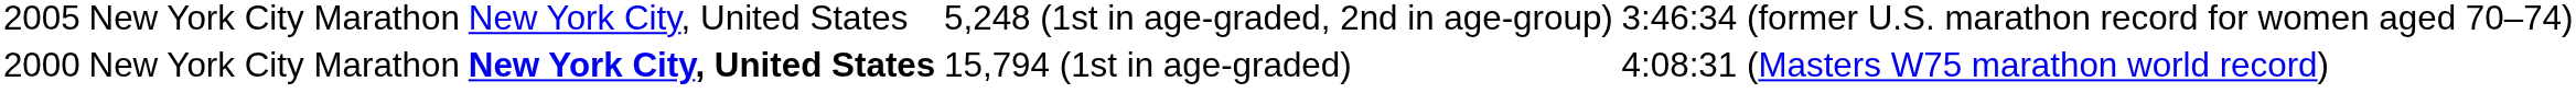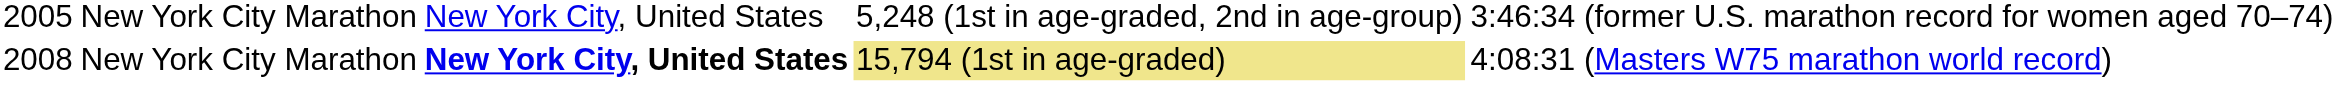 <table>
 <tr>
 <td>2005</td>
 <td>New York City Marathon</td>
 <td><a href='#'>New York City</a>, United States</td>
 <td>5,248 (1st in age-graded, 2nd in age-group)</td>
 <td>3:46:34 (former U.S. marathon record for women aged 70–74)</td>
 </tr>
 <tr>
-<td>2000</td>
+<td>2008</td>
 <td>New York City Marathon</td>
 <td><strong><a href='#'>New York City</a>, United States</strong></td>
-<td>15,794 (1st in age-graded)</td>
+<td style="background: khaki;">15,794 (1st in age-graded)</td>
 <td>4:08:31 (<a href='#'>Masters W75 marathon world record</a>)</td>
 </tr>
 </table>
